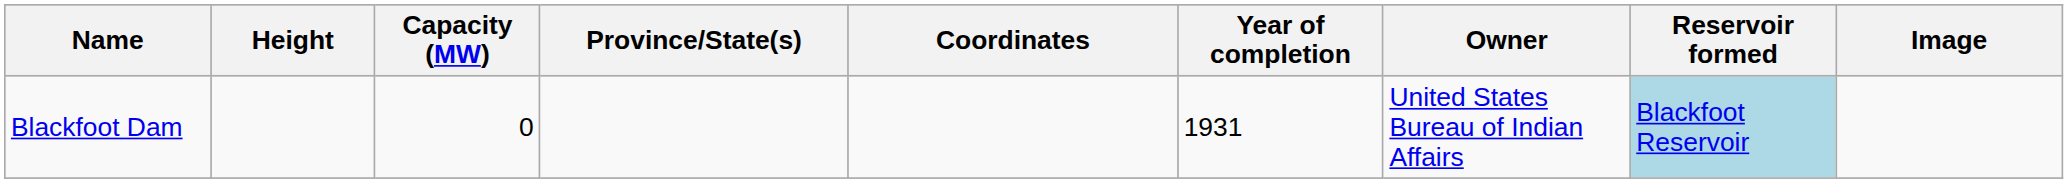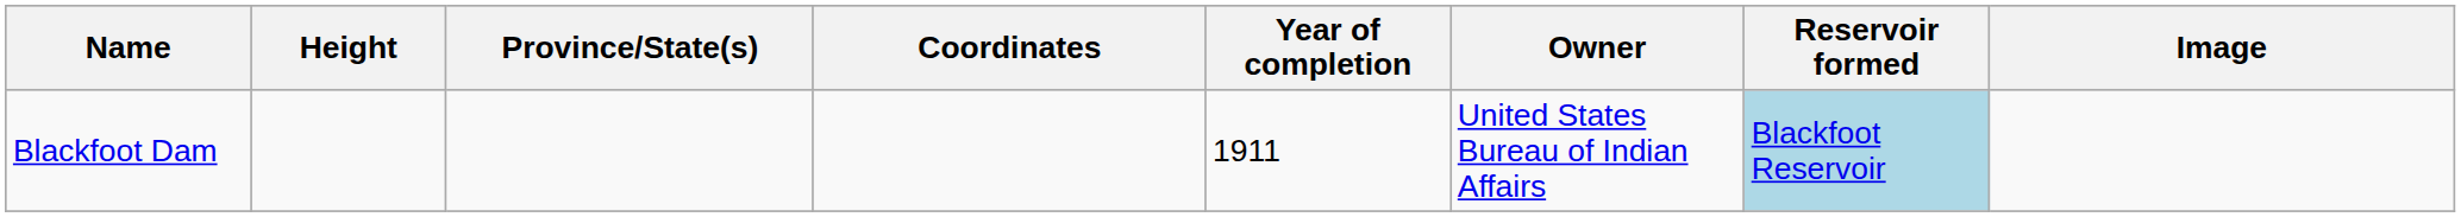 <table class="wikitable sortable" border="1">
 <tr>
 <th width="10%">Name</th>
 <th width="8%">Height</th>
-<th width="8%">Capacity (<a href='#'>MW</a>)</th>
 <th width="15%">Province/State(s)</th>
 <th width="16%">Coordinates</th>
 <th width="10%">Year of completion</th>
 <th width="12%">Owner</th>
 <th width="10%">Reservoir formed</th>
 <th>Image</th>
 </tr>
 <tr>
 <td><a href='#'>Blackfoot Dam</a></td>
 <td></td>
-<td align="right">0</td>
 <td></td>
 <td></td>
-<td>1931</td>
+<td>1911</td>
 <td><a href='#'>United States Bureau of Indian Affairs</a></td>
 <td style="background: lightblue;"><a href='#'>Blackfoot Reservoir</a></td>
 <td></td>
 </tr>
 </table>
